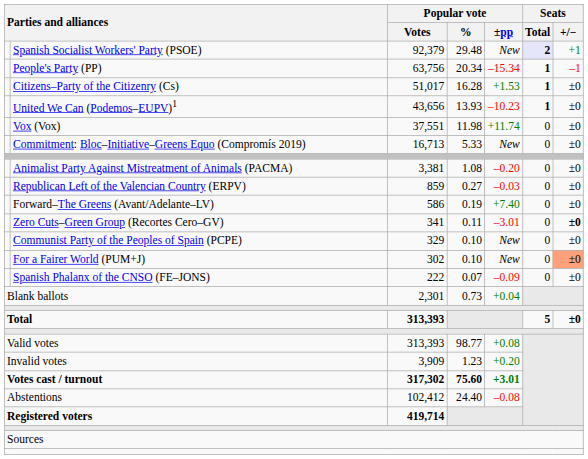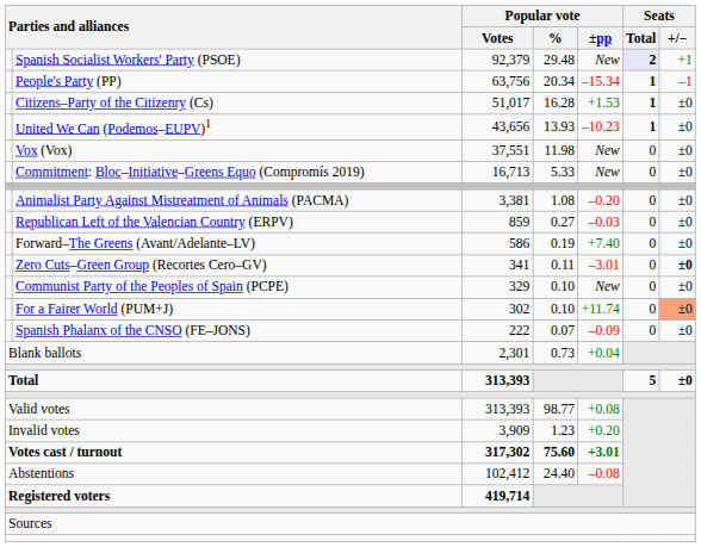 <table class="wikitable" style="text-align:right;">
 <tr>
 <th style="text-align:left;" rowspan="2" colspan="2" width="525">Parties and alliances</th>
 <th colspan="3">Popular vote</th>
 <th colspan="2">Seats</th>
 </tr>
 <tr>
 <th width="75">Votes</th>
 <th width="45">%</th>
 <th width="45">±<a href='#'>pp</a></th>
 <th width="35">Total</th>
 <th width="35">+/−</th>
 </tr>
 <tr>
 <td width="1" style="color:inherit;background:"></td>
 <td align="left"><a href='#'>Spanish Socialist Workers' Party</a> (PSOE)</td>
 <td>92,379</td>
 <td>29.48</td>
 <td><em>New</em></td>
 <td style="background: lavender;"><strong>2</strong></td>
 <td style="color:green;">+1</td>
 </tr>
 <tr>
 <td style="color:inherit;background:"></td>
 <td align="left"><a href='#'>People's Party</a> (PP)</td>
 <td>63,756</td>
 <td>20.34</td>
 <td style="color:red;">–15.34</td>
 <td><strong>1</strong></td>
 <td style="color:red;">–1</td>
 </tr>
 <tr>
 <td style="color:inherit;background:"></td>
 <td align="left"><a href='#'>Citizens–Party of the Citizenry</a> (Cs)</td>
 <td>51,017</td>
 <td>16.28</td>
 <td style="color:green;">+1.53</td>
 <td><strong>1</strong></td>
 <td>±0</td>
 </tr>
 <tr>
 <td style="color:inherit;background:"></td>
 <td align="left"><a href='#'>United We Can</a> (<a href='#'>Podemos</a>–<a href='#'>EUPV</a>)<sup>1</sup></td>
 <td>43,656</td>
 <td>13.93</td>
 <td style="color:red;">–10.23</td>
 <td><strong>1</strong></td>
 <td>±0</td>
 </tr>
 <tr>
 <td style="color:inherit;background:"></td>
 <td align="left"><a href='#'>Vox</a> (Vox)</td>
 <td>37,551</td>
 <td>11.98</td>
-<td style="color:green;">+11.74</td>
+<td><em>New</em></td>
 <td>0</td>
 <td>±0</td>
 </tr>
 <tr>
 <td style="color:inherit;background:"></td>
 <td align="left"><a href='#'>Commitment</a>: <a href='#'>Bloc</a>–<a href='#'>Initiative</a>–<a href='#'>Greens Equo</a> (Compromís 2019)</td>
 <td>16,713</td>
 <td>5.33</td>
 <td><em>New</em></td>
 <td>0</td>
 <td>±0</td>
 </tr>
 <tr>
 <td colspan="7" bgcolor="#C0C0C0"></td>
 </tr>
 <tr>
 <td style="color:inherit;background:"></td>
 <td align="left"><a href='#'>Animalist Party Against Mistreatment of Animals</a> (PACMA)</td>
 <td>3,381</td>
 <td>1.08</td>
 <td style="color:red;">–0.20</td>
 <td>0</td>
 <td>±0</td>
 </tr>
 <tr>
 <td style="color:inherit;background:"></td>
 <td align="left"><a href='#'>Republican Left of the Valencian Country</a> (ERPV)</td>
 <td>859</td>
 <td>0.27</td>
 <td style="color:red;">–0.03</td>
 <td>0</td>
 <td>±0</td>
 </tr>
 <tr>
 <td style="color:inherit;background:"></td>
 <td align="left">Forward–<a href='#'>The Greens</a> (Avant/Adelante–LV)</td>
 <td>586</td>
 <td>0.19</td>
 <td style="color:green;">+7.40</td>
 <td>0</td>
 <td>±0</td>
 </tr>
 <tr>
 <td style="color:inherit;background:"></td>
 <td align="left"><a href='#'>Zero Cuts</a>–<a href='#'>Green Group</a> (Recortes Cero–GV)</td>
 <td>341</td>
 <td>0.11</td>
 <td style="color:red;">–3.01</td>
 <td>0</td>
 <td><strong>±0</strong></td>
 </tr>
 <tr>
 <td style="color:inherit;background:"></td>
 <td align="left"><a href='#'>Communist Party of the Peoples of Spain</a> (PCPE)</td>
 <td>329</td>
 <td>0.10</td>
 <td><em>New</em></td>
 <td>0</td>
 <td>±0</td>
 </tr>
 <tr>
 <td style="color:inherit;background:"></td>
 <td align="left"><a href='#'>For a Fairer World</a> (PUM+J)</td>
 <td>302</td>
 <td>0.10</td>
-<td><em>New</em></td>
+<td style="color:green;">+11.74</td>
 <td>0</td>
 <td style="background: lightsalmon;">±0</td>
 </tr>
 <tr>
 <td style="color:inherit;background:"></td>
 <td align="left"><a href='#'>Spanish Phalanx of the CNSO</a> (FE–JONS)</td>
 <td>222</td>
 <td>0.07</td>
 <td style="color:red;">–0.09</td>
 <td>0</td>
 <td>±0</td>
 </tr>
 <tr>
 <td align="left" colspan="2">Blank ballots</td>
 <td>2,301</td>
 <td>0.73</td>
 <td style="color:green;">+0.04</td>
 <td bgcolor="#E9E9E9" colspan="2"></td>
 </tr>
 <tr>
 <td colspan="7" bgcolor="#E9E9E9"></td>
 </tr>
 <tr style="font-weight:bold;">
 <td align="left" colspan="2">Total</td>
 <td>313,393</td>
 <td bgcolor="#E9E9E9" colspan="2"></td>
 <td>5</td>
 <td>±0</td>
 </tr>
 <tr>
 <td colspan="7" bgcolor="#E9E9E9"></td>
 </tr>
 <tr>
 <td align="left" colspan="2">Valid votes</td>
 <td>313,393</td>
 <td>98.77</td>
 <td style="color:green;">+0.08</td>
 <td bgcolor="#E9E9E9" colspan="2" rowspan="5"></td>
 </tr>
 <tr>
 <td align="left" colspan="2">Invalid votes</td>
 <td>3,909</td>
 <td>1.23</td>
 <td style="color:green;">+0.20</td>
 </tr>
 <tr style="font-weight:bold;">
 <td align="left" colspan="2">Votes cast / turnout</td>
 <td>317,302</td>
 <td>75.60</td>
 <td style="color:green;">+3.01</td>
 </tr>
 <tr>
 <td align="left" colspan="2">Abstentions</td>
 <td>102,412</td>
 <td>24.40</td>
 <td style="color:red;">–0.08</td>
 </tr>
 <tr style="font-weight:bold;">
 <td align="left" colspan="2">Registered voters</td>
 <td>419,714</td>
 <td bgcolor="#E9E9E9" colspan="2"></td>
 </tr>
 <tr>
 <td colspan="7" bgcolor="#E9E9E9"></td>
 </tr>
 <tr>
 <td align="left" colspan="7">Sources</td>
 </tr>
 <tr>
 <td colspan="7" style="text-align:left; max-width:790px;"></td>
 </tr>
 </table>
